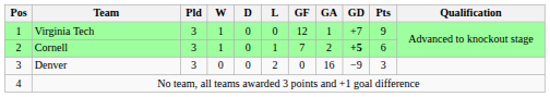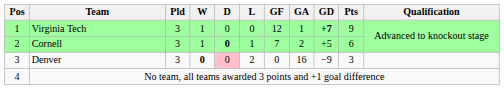 <table class="wikitable" style="text-align:center; margin: 1em auto">
 <tr>
 <th style="width:2em">Pos</th>
 <th style="width:13em">Team</th>
 <th style="width:2em">Pld</th>
 <th style="width:2em">W</th>
 <th style="width:2em">D</th>
 <th style="width:2em">L</th>
 <th style="width:2em">GF</th>
 <th style="width:2em">GA</th>
 <th style="width:2em">GD</th>
 <th style="width:2em">Pts</th>
 <th style="width:13em">Qualification</th>
 </tr>
 <tr bgcolor="#9eff9e">
 <td>1</td>
 <td style="text-align:left">Virginia Tech</td>
 <td>3</td>
 <td>1</td>
 <td>0</td>
 <td>0</td>
 <td>12</td>
 <td>1</td>
-<td>+7</td>
+<td><strong>+7</strong></td>
 <td>9</td>
 <td rowspan="2">Advanced to knockout stage</td>
 </tr>
 <tr bgcolor="#9eff9e">
 <td>2</td>
 <td style="text-align:left">Cornell</td>
 <td>3</td>
 <td>1</td>
-<td>0</td>
+<td><strong>0</strong></td>
 <td>1</td>
 <td>7</td>
 <td>2</td>
-<td><strong>+5</strong></td>
+<td>+5</td>
 <td>6</td>
 </tr>
 <tr>
 <td>3</td>
 <td style="text-align:left">Denver</td>
 <td>3</td>
-<td>0</td>
-<td>0</td>
+<td><strong>0</strong></td>
+<td style="background: pink;">0</td>
 <td>2</td>
 <td>0</td>
 <td>16</td>
 <td>−9</td>
 <td>3</td>
 </tr>
 <tr>
 <td>4</td>
 <td colspan="10" style="text-align:center">No team, all teams awarded 3 points and +1 goal difference</td>
 </tr>
 </table>
